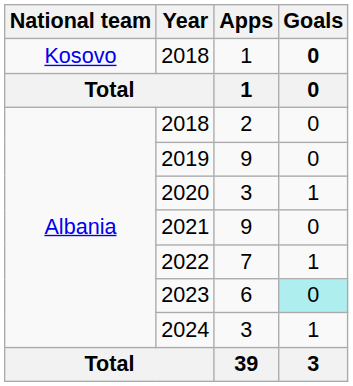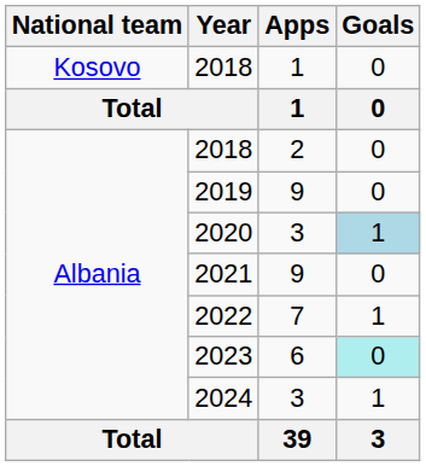 <table class="wikitable" style="text-align:center">
 <tr>
 <th>National team</th>
 <th>Year</th>
 <th>Apps</th>
 <th>Goals</th>
 </tr>
 <tr>
 <td><a href='#'>Kosovo</a></td>
 <td>2018</td>
 <td>1</td>
-<td><strong>0</strong></td>
+<td>0</td>
 </tr>
 <tr>
 <th colspan="2">Total</th>
 <th>1</th>
 <th>0</th>
 </tr>
 <tr>
 <td rowspan="7"><a href='#'>Albania</a></td>
 <td>2018</td>
 <td>2</td>
 <td>0</td>
 </tr>
 <tr>
 <td>2019</td>
 <td>9</td>
 <td>0</td>
 </tr>
 <tr>
 <td>2020</td>
 <td>3</td>
-<td>1</td>
+<td style="background: lightblue;">1</td>
 </tr>
 <tr>
 <td>2021</td>
 <td>9</td>
 <td>0</td>
 </tr>
 <tr>
 <td>2022</td>
 <td>7</td>
 <td>1</td>
 </tr>
 <tr>
 <td>2023</td>
 <td>6</td>
 <td style="background: paleturquoise;">0</td>
 </tr>
 <tr>
 <td>2024</td>
 <td>3</td>
 <td>1</td>
 </tr>
 <tr>
 <th colspan="2">Total</th>
 <th>39</th>
 <th>3</th>
 </tr>
 </table>
